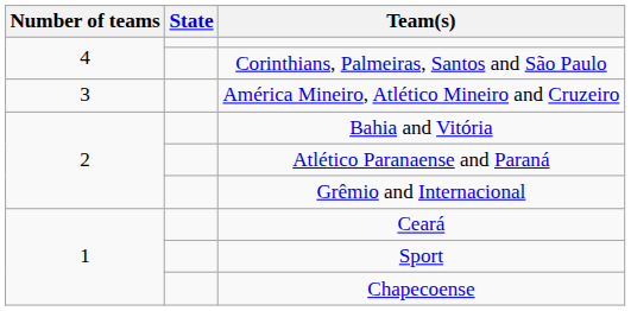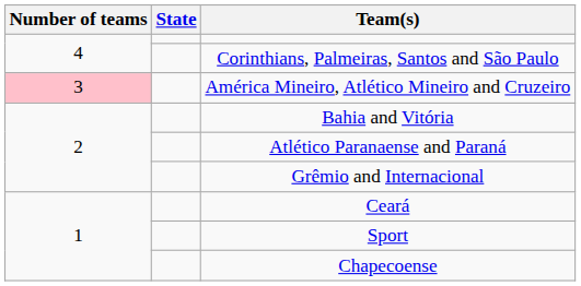 <table class="wikitable" style="text-align:center">
 <tr>
 <th>Number of teams</th>
 <th><a href='#'>State</a></th>
 <th>Team(s)</th>
 </tr>
 <tr>
 <td rowspan=2>4</td>
 <td align=left></td>
 <td></td>
 </tr>
 <tr>
 <td align=left></td>
 <td><a href='#'>Corinthians</a>, <a href='#'>Palmeiras</a>, <a href='#'>Santos</a> and <a href='#'>São Paulo</a></td>
 </tr>
 <tr>
-<td>3</td>
+<td style="background: pink;">3</td>
 <td align=left></td>
 <td><a href='#'>América Mineiro</a>, <a href='#'>Atlético Mineiro</a> and <a href='#'>Cruzeiro</a></td>
 </tr>
 <tr>
 <td rowspan=3>2</td>
 <td align=left></td>
 <td><a href='#'>Bahia</a> and <a href='#'>Vitória</a></td>
 </tr>
 <tr>
 <td align=left></td>
 <td><a href='#'>Atlético Paranaense</a> and <a href='#'>Paraná</a></td>
 </tr>
 <tr>
 <td align=left></td>
 <td><a href='#'>Grêmio</a> and <a href='#'>Internacional</a></td>
 </tr>
 <tr>
 <td rowspan=3>1</td>
 <td align=left></td>
 <td><a href='#'>Ceará</a></td>
 </tr>
 <tr>
 <td align=left></td>
 <td><a href='#'>Sport</a></td>
 </tr>
 <tr>
 <td align=left></td>
 <td><a href='#'>Chapecoense</a></td>
 </tr>
 </table>
